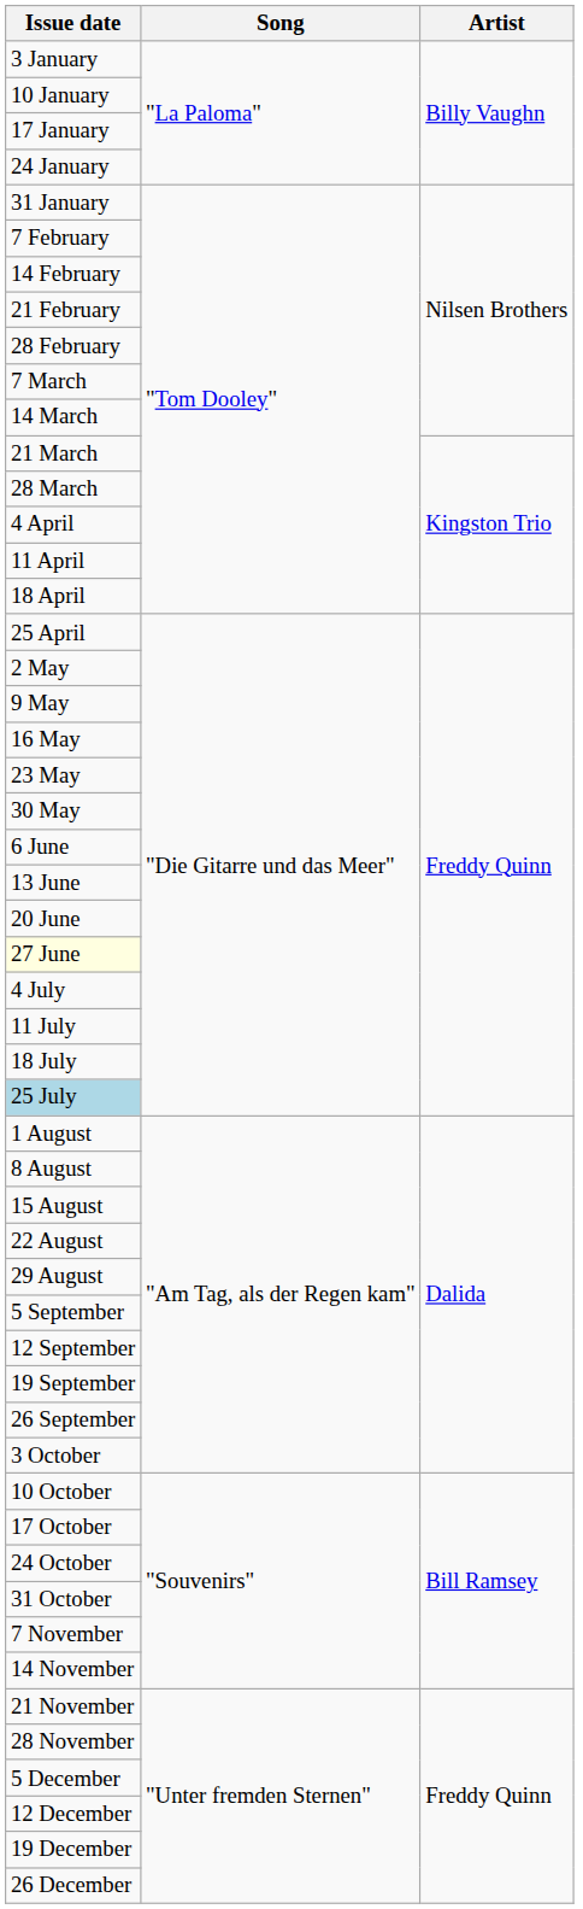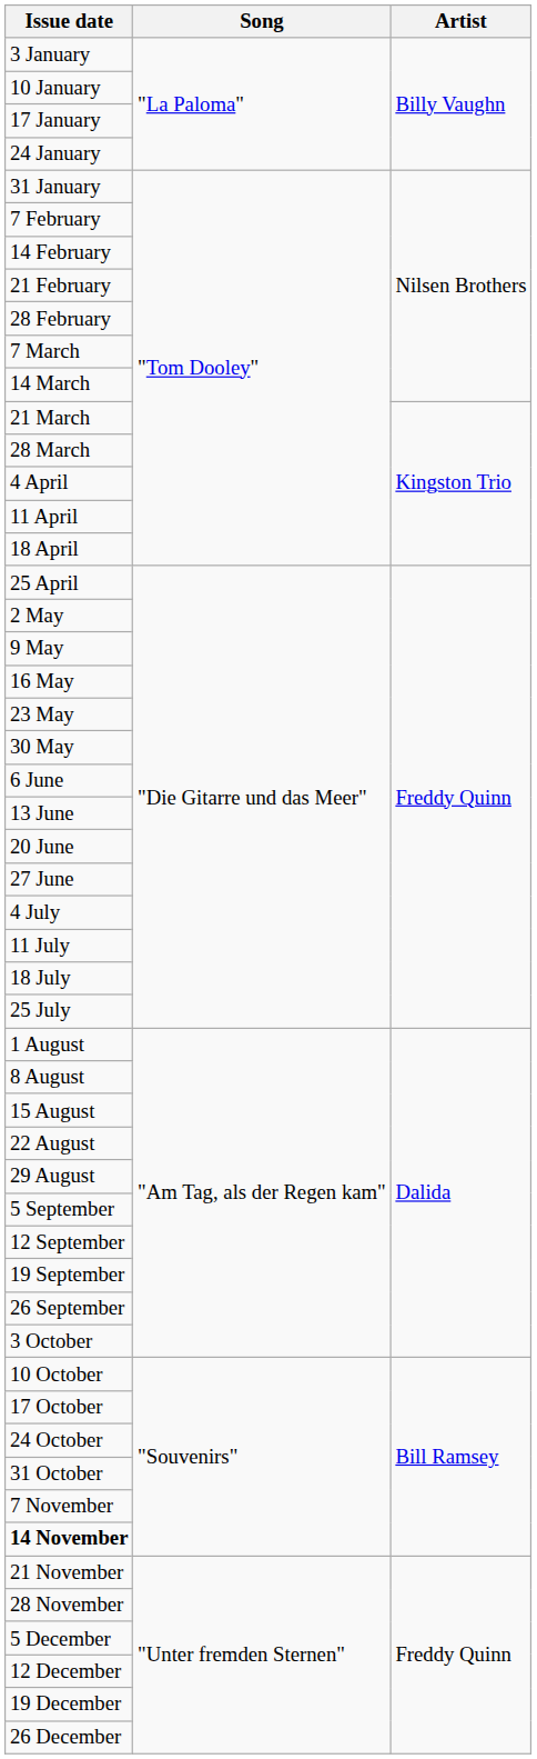 <table class="sortable wikitable">
 <tr>
 <th>Issue date</th>
 <th>Song</th>
 <th>Artist</th>
 </tr>
 <tr>
 <td>3 January</td>
 <td rowspan="4">"<a href='#'>La Paloma</a>"</td>
 <td rowspan="4"><a href='#'>Billy Vaughn</a></td>
 </tr>
 <tr>
 <td>10 January</td>
 </tr>
 <tr>
 <td>17 January</td>
 </tr>
 <tr>
 <td>24 January</td>
 </tr>
 <tr>
 <td>31 January</td>
 <td rowspan="12">"<a href='#'>Tom Dooley</a>"</td>
 <td rowspan="7">Nilsen Brothers</td>
 </tr>
 <tr>
 <td>7 February</td>
 </tr>
 <tr>
 <td>14 February</td>
 </tr>
 <tr>
 <td>21 February</td>
 </tr>
 <tr>
 <td>28 February</td>
 </tr>
 <tr>
 <td>7 March</td>
 </tr>
 <tr>
 <td>14 March</td>
 </tr>
 <tr>
 <td>21 March</td>
 <td rowspan="5"><a href='#'>Kingston Trio</a></td>
 </tr>
 <tr>
 <td>28 March</td>
 </tr>
 <tr>
 <td>4 April</td>
 </tr>
 <tr>
 <td>11 April</td>
 </tr>
 <tr>
 <td>18 April</td>
 </tr>
 <tr>
 <td>25 April</td>
 <td rowspan="14">"Die Gitarre und das Meer"</td>
 <td rowspan="14"><a href='#'>Freddy Quinn</a></td>
 </tr>
 <tr>
 <td>2 May</td>
 </tr>
 <tr>
 <td>9 May</td>
 </tr>
 <tr>
 <td>16 May</td>
 </tr>
 <tr>
 <td>23 May</td>
 </tr>
 <tr>
 <td>30 May</td>
 </tr>
 <tr>
 <td>6 June</td>
 </tr>
 <tr>
 <td>13 June</td>
 </tr>
 <tr>
 <td>20 June</td>
 </tr>
 <tr>
-<td style="background: lightyellow;">27 June</td>
+<td>27 June</td>
 </tr>
 <tr>
 <td>4 July</td>
 </tr>
 <tr>
 <td>11 July</td>
 </tr>
 <tr>
 <td>18 July</td>
 </tr>
 <tr>
-<td style="background: lightblue;">25 July</td>
+<td>25 July</td>
 </tr>
 <tr>
 <td>1 August</td>
 <td rowspan="10">"Am Tag, als der Regen kam"</td>
 <td rowspan="10"><a href='#'>Dalida</a></td>
 </tr>
 <tr>
 <td>8 August</td>
 </tr>
 <tr>
 <td>15 August</td>
 </tr>
 <tr>
 <td>22 August</td>
 </tr>
 <tr>
 <td>29 August</td>
 </tr>
 <tr>
 <td>5 September</td>
 </tr>
 <tr>
 <td>12 September</td>
 </tr>
 <tr>
 <td>19 September</td>
 </tr>
 <tr>
 <td>26 September</td>
 </tr>
 <tr>
 <td>3 October</td>
 </tr>
 <tr>
 <td>10 October</td>
 <td rowspan="6">"Souvenirs"</td>
 <td rowspan="6"><a href='#'>Bill Ramsey</a></td>
 </tr>
 <tr>
 <td>17 October</td>
 </tr>
 <tr>
 <td>24 October</td>
 </tr>
 <tr>
 <td>31 October</td>
 </tr>
 <tr>
 <td>7 November</td>
 </tr>
 <tr>
-<td>14 November</td>
+<td><strong>14 November</strong></td>
 </tr>
 <tr>
 <td>21 November</td>
 <td rowspan="6">"Unter fremden Sternen"</td>
 <td rowspan="6">Freddy Quinn</td>
 </tr>
 <tr>
 <td>28 November</td>
 </tr>
 <tr>
 <td>5 December</td>
 </tr>
 <tr>
 <td>12 December</td>
 </tr>
 <tr>
 <td>19 December</td>
 </tr>
 <tr>
 <td>26 December</td>
 </tr>
 </table>
